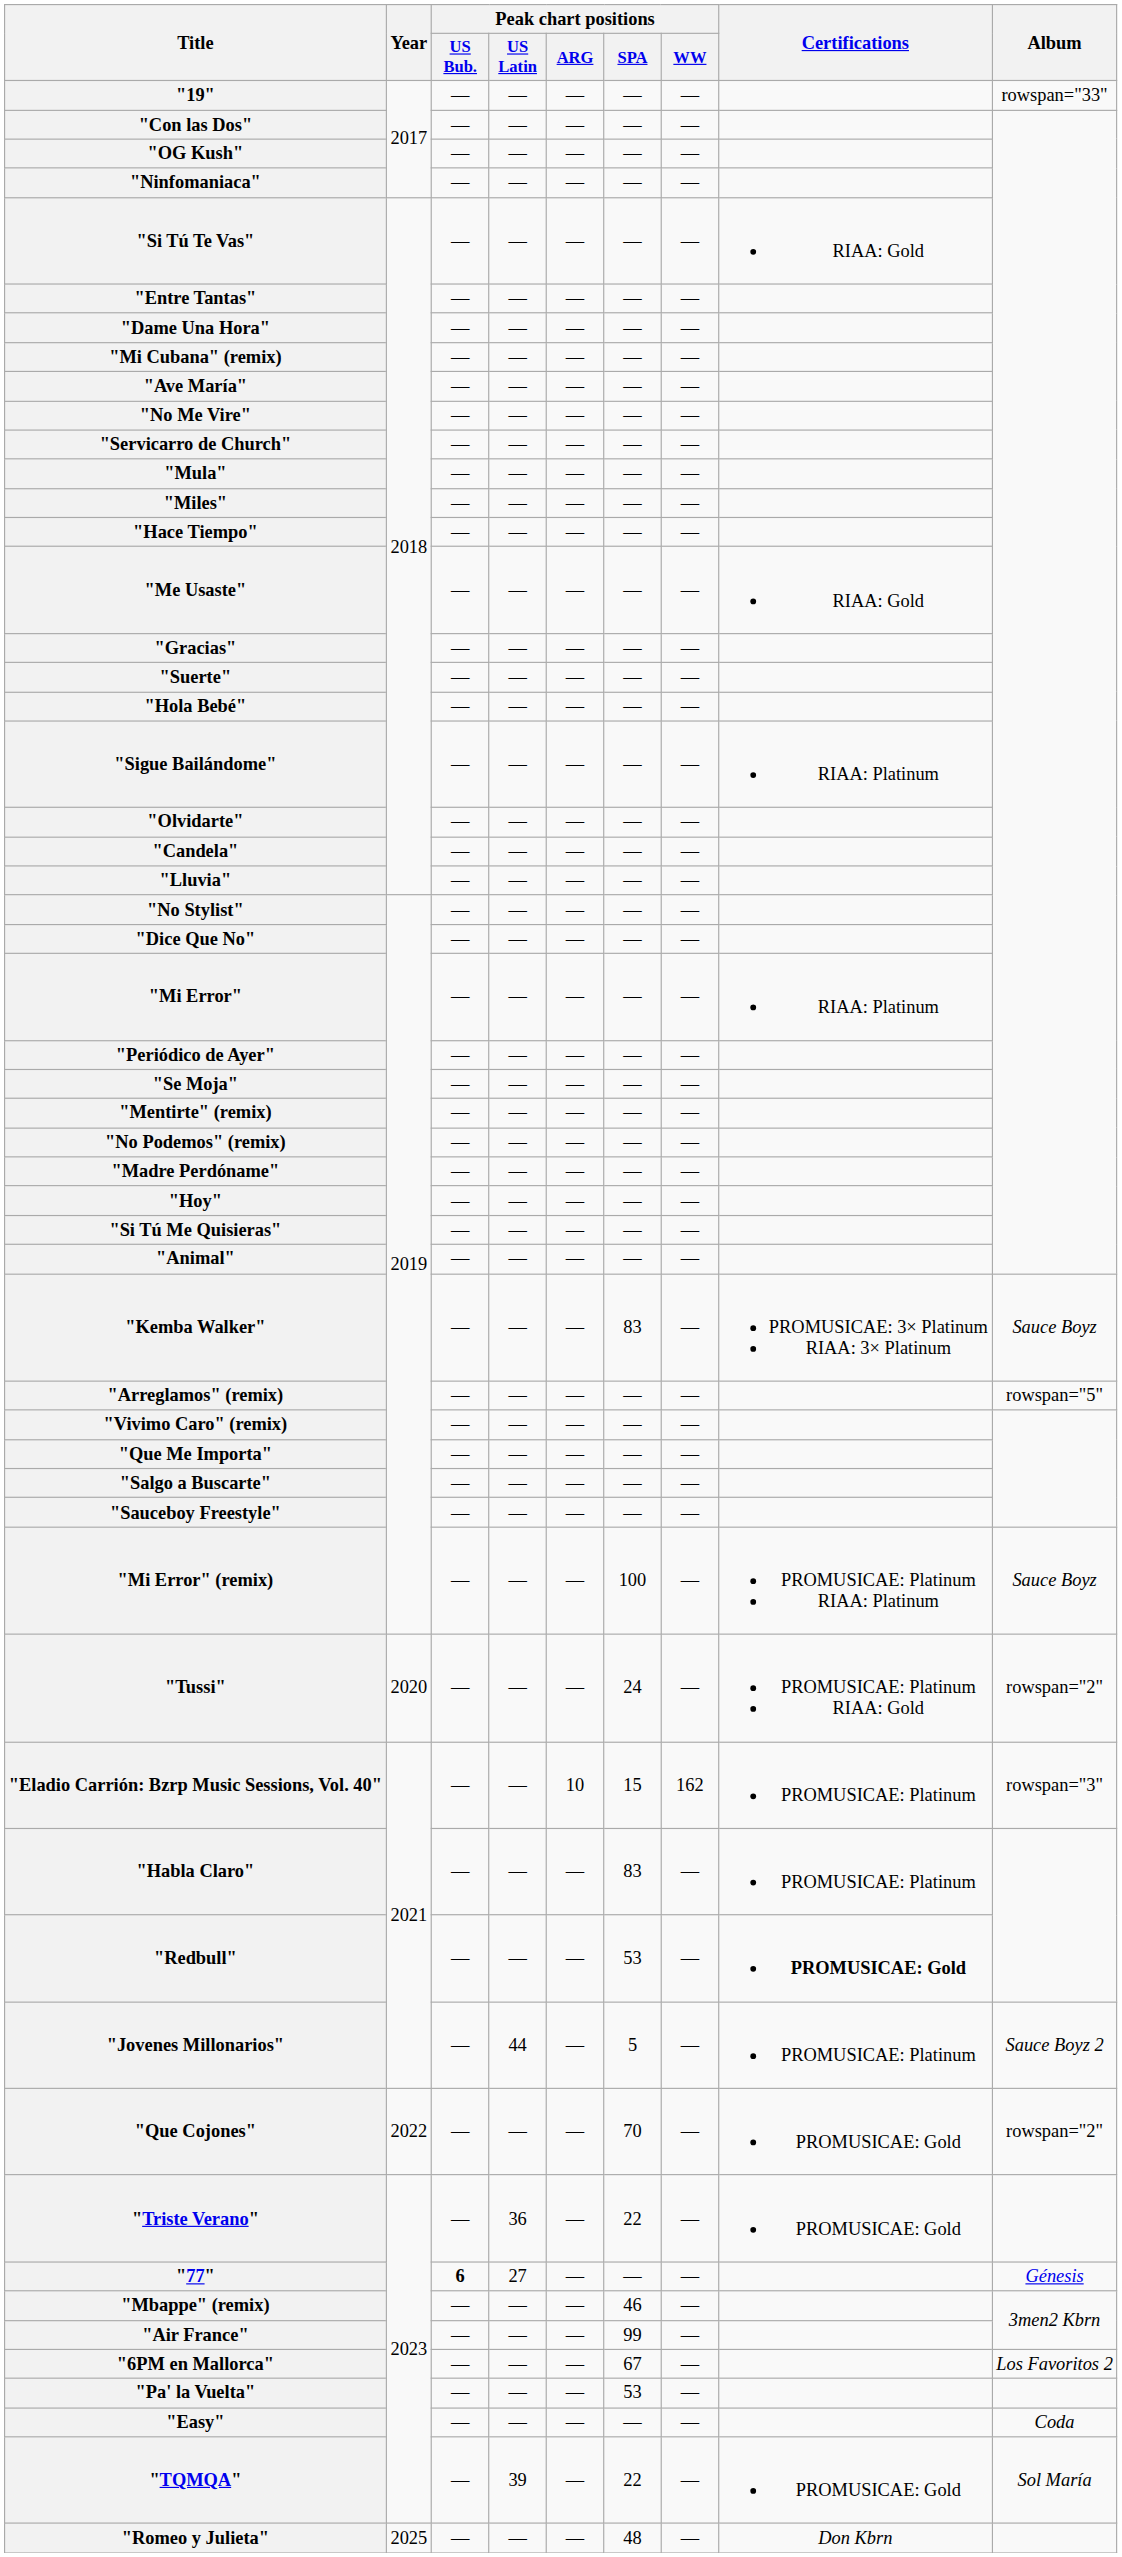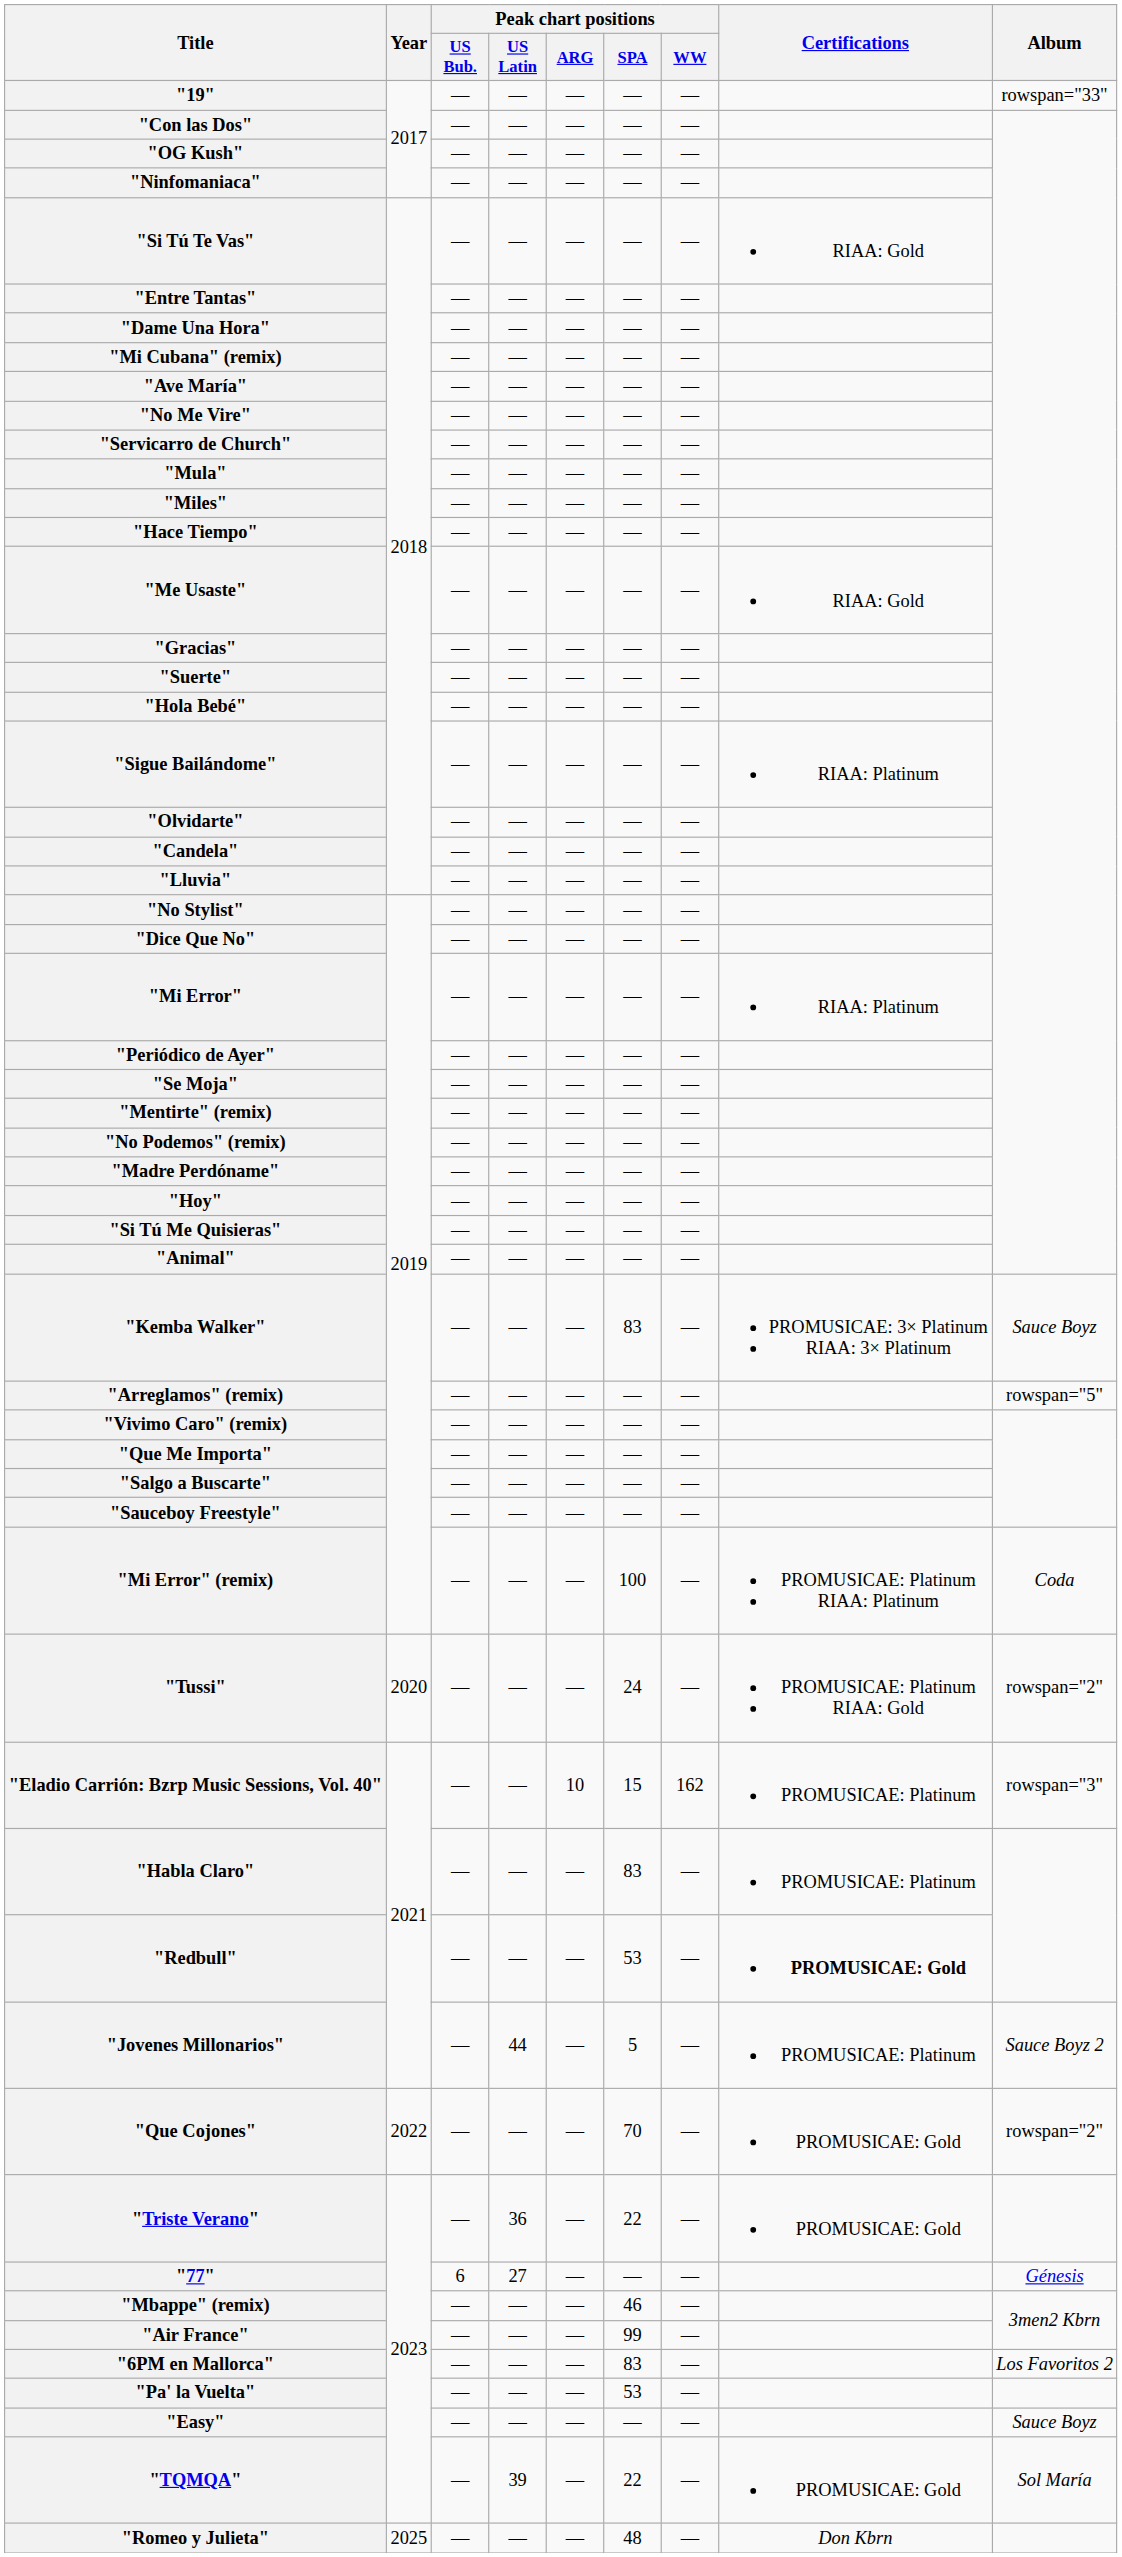 <table class="wikitable plainrowheaders" style="text-align:center;">
 <tr>
 <th scope="col" rowspan="2">Title</th>
 <th scope="col" rowspan="2">Year</th>
 <th scope="col" colspan="5">Peak chart positions</th>
 <th scope="col" rowspan="2"><a href='#'>Certifications</a></th>
 <th scope="col" rowspan="2">Album</th>
 </tr>
 <tr>
 <th scope="col" style="width:3em; font-size:90%"><a href='#'>US<br>Bub.</a><br></th>
 <th scope="col" style="width:3em; font-size:90%"><a href='#'>US<br>Latin</a><br></th>
 <th scope="col" style="width:3em; font-size:90%"><a href='#'>ARG</a><br></th>
 <th scope="col" style="width:3em; font-size:90%"><a href='#'>SPA</a><br></th>
 <th scope="col" style="width:3em; font-size:90%"><a href='#'>WW</a><br></th>
 </tr>
 <tr>
 <th scope="row">"19"<br></th>
 <td rowspan="4">2017</td>
 <td>—</td>
 <td>—</td>
 <td>—</td>
 <td>—</td>
 <td>—</td>
 <td></td>
 <td>rowspan="33" </td>
 </tr>
 <tr>
 <th scope="row">"Con las Dos"<br></th>
 <td>—</td>
 <td>—</td>
 <td>—</td>
 <td>—</td>
 <td>—</td>
 <td></td>
 </tr>
 <tr>
 <th scope="row">"OG Kush"<br></th>
 <td>—</td>
 <td>—</td>
 <td>—</td>
 <td>—</td>
 <td>—</td>
 <td></td>
 </tr>
 <tr>
 <th scope="row">"Ninfomaniaca"<br></th>
 <td>—</td>
 <td>—</td>
 <td>—</td>
 <td>—</td>
 <td>—</td>
 <td></td>
 </tr>
 <tr>
 <th scope="row">"Si Tú Te Vas"<br></th>
 <td rowspan="18">2018</td>
 <td>—</td>
 <td>—</td>
 <td>—</td>
 <td>—</td>
 <td>—</td>
 <td><br><ul><li>RIAA: Gold </li></ul></td>
 </tr>
 <tr>
 <th scope="row">"Entre Tantas"<br></th>
 <td>—</td>
 <td>—</td>
 <td>—</td>
 <td>—</td>
 <td>—</td>
 <td></td>
 </tr>
 <tr>
 <th scope="row">"Dame Una Hora"<br></th>
 <td>—</td>
 <td>—</td>
 <td>—</td>
 <td>—</td>
 <td>—</td>
 <td></td>
 </tr>
 <tr>
 <th scope="row">"Mi Cubana" (remix)<br></th>
 <td>—</td>
 <td>—</td>
 <td>—</td>
 <td>—</td>
 <td>—</td>
 <td></td>
 </tr>
 <tr>
 <th scope="row">"Ave María"<br></th>
 <td>—</td>
 <td>—</td>
 <td>—</td>
 <td>—</td>
 <td>—</td>
 <td></td>
 </tr>
 <tr>
 <th scope="row">"No Me Vire"</th>
 <td>—</td>
 <td>—</td>
 <td>—</td>
 <td>—</td>
 <td>—</td>
 <td></td>
 </tr>
 <tr>
 <th scope="row">"Servicarro de Church"<br></th>
 <td>—</td>
 <td>—</td>
 <td>—</td>
 <td>—</td>
 <td>—</td>
 <td></td>
 </tr>
 <tr>
 <th scope="row">"Mula"<br></th>
 <td>—</td>
 <td>—</td>
 <td>—</td>
 <td>—</td>
 <td>—</td>
 <td></td>
 </tr>
 <tr>
 <th scope="row">"Miles"</th>
 <td>—</td>
 <td>—</td>
 <td>—</td>
 <td>—</td>
 <td>—</td>
 <td></td>
 </tr>
 <tr>
 <th scope="row">"Hace Tiempo"<br></th>
 <td>—</td>
 <td>—</td>
 <td>—</td>
 <td>—</td>
 <td>—</td>
 <td></td>
 </tr>
 <tr>
 <th scope="row">"Me Usaste"<br></th>
 <td>—</td>
 <td>—</td>
 <td>—</td>
 <td>—</td>
 <td>—</td>
 <td><br><ul><li>RIAA: Gold </li></ul></td>
 </tr>
 <tr>
 <th scope="row">"Gracias"</th>
 <td>—</td>
 <td>—</td>
 <td>—</td>
 <td>—</td>
 <td>—</td>
 <td></td>
 </tr>
 <tr>
 <th scope="row">"Suerte"<br></th>
 <td>—</td>
 <td>—</td>
 <td>—</td>
 <td>—</td>
 <td>—</td>
 <td></td>
 </tr>
 <tr>
 <th scope="row">"Hola Bebé"<br></th>
 <td>—</td>
 <td>—</td>
 <td>—</td>
 <td>—</td>
 <td>—</td>
 <td></td>
 </tr>
 <tr>
 <th scope="row">"Sigue Bailándome"<br></th>
 <td>—</td>
 <td>—</td>
 <td>—</td>
 <td>—</td>
 <td>—</td>
 <td><br><ul><li>RIAA: Platinum </li></ul></td>
 </tr>
 <tr>
 <th scope="row">"Olvidarte"</th>
 <td>—</td>
 <td>—</td>
 <td>—</td>
 <td>—</td>
 <td>—</td>
 <td></td>
 </tr>
 <tr>
 <th scope="row">"Candela"<br></th>
 <td>—</td>
 <td>—</td>
 <td>—</td>
 <td>—</td>
 <td>—</td>
 <td></td>
 </tr>
 <tr>
 <th scope="row">"Lluvia"</th>
 <td>—</td>
 <td>—</td>
 <td>—</td>
 <td>—</td>
 <td>—</td>
 <td></td>
 </tr>
 <tr>
 <th scope="row">"No Stylist"<br></th>
 <td rowspan="18">2019</td>
 <td>—</td>
 <td>—</td>
 <td>—</td>
 <td>—</td>
 <td>—</td>
 <td></td>
 </tr>
 <tr>
 <th scope="row">"Dice Que No"<br></th>
 <td>—</td>
 <td>—</td>
 <td>—</td>
 <td>—</td>
 <td>—</td>
 <td></td>
 </tr>
 <tr>
 <th scope="row">"Mi Error"<br></th>
 <td>—</td>
 <td>—</td>
 <td>—</td>
 <td>—</td>
 <td>—</td>
 <td><br><ul><li>RIAA: Platinum </li></ul></td>
 </tr>
 <tr>
 <th scope="row">"Periódico de Ayer"<br></th>
 <td>—</td>
 <td>—</td>
 <td>—</td>
 <td>—</td>
 <td>—</td>
 <td></td>
 </tr>
 <tr>
 <th scope="row">"Se Moja"<br></th>
 <td>—</td>
 <td>—</td>
 <td>—</td>
 <td>—</td>
 <td>—</td>
 <td></td>
 </tr>
 <tr>
 <th scope="row">"Mentirte" (remix)<br></th>
 <td>—</td>
 <td>—</td>
 <td>—</td>
 <td>—</td>
 <td>—</td>
 <td></td>
 </tr>
 <tr>
 <th scope="row">"No Podemos" (remix)<br></th>
 <td>—</td>
 <td>—</td>
 <td>—</td>
 <td>—</td>
 <td>—</td>
 <td></td>
 </tr>
 <tr>
 <th scope="row">"Madre Perdóname"<br></th>
 <td>—</td>
 <td>—</td>
 <td>—</td>
 <td>—</td>
 <td>—</td>
 <td></td>
 </tr>
 <tr>
 <th scope="row">"Hoy"</th>
 <td>—</td>
 <td>—</td>
 <td>—</td>
 <td>—</td>
 <td>—</td>
 <td></td>
 </tr>
 <tr>
 <th scope="row">"Si Tú Me Quisieras"<br></th>
 <td>—</td>
 <td>—</td>
 <td>—</td>
 <td>—</td>
 <td>—</td>
 <td></td>
 </tr>
 <tr>
 <th scope="row">"Animal"<br></th>
 <td>—</td>
 <td>—</td>
 <td>—</td>
 <td>—</td>
 <td>—</td>
 <td></td>
 </tr>
 <tr>
 <th scope="row">"Kemba Walker"<br></th>
 <td>—</td>
 <td>—</td>
 <td>—</td>
 <td>83</td>
 <td>—</td>
 <td><br><ul><li>PROMUSICAE: 3× Platinum</li><li>RIAA: 3× Platinum </li></ul></td>
 <td><em>Sauce Boyz</em></td>
 </tr>
 <tr>
 <th scope="row">"Arreglamos" (remix)<br></th>
 <td>—</td>
 <td>—</td>
 <td>—</td>
 <td>—</td>
 <td>—</td>
 <td></td>
 <td>rowspan="5" </td>
 </tr>
 <tr>
 <th scope="row">"Vivimo Caro" (remix)<br></th>
 <td>—</td>
 <td>—</td>
 <td>—</td>
 <td>—</td>
 <td>—</td>
 <td></td>
 </tr>
 <tr>
 <th scope="row">"Que Me Importa"<br></th>
 <td>—</td>
 <td>—</td>
 <td>—</td>
 <td>—</td>
 <td>—</td>
 <td></td>
 </tr>
 <tr>
 <th scope="row">"Salgo a Buscarte"<br></th>
 <td>—</td>
 <td>—</td>
 <td>—</td>
 <td>—</td>
 <td>—</td>
 <td></td>
 </tr>
 <tr>
 <th scope="row">"Sauceboy Freestyle"</th>
 <td>—</td>
 <td>—</td>
 <td>—</td>
 <td>—</td>
 <td>—</td>
 <td></td>
 </tr>
 <tr>
 <th scope="row">"Mi Error" (remix)<br></th>
 <td>—</td>
 <td>—</td>
 <td>—</td>
 <td>100</td>
 <td>—</td>
 <td><br><ul><li>PROMUSICAE: Platinum</li><li>RIAA: Platinum </li></ul></td>
-<td><em>Sauce Boyz</em></td>
+<td><em>Coda</em></td>
 </tr>
 <tr>
 <th scope="row">"Tussi"<br></th>
 <td>2020</td>
 <td>—</td>
 <td>—</td>
 <td>—</td>
 <td>24</td>
 <td>—</td>
 <td><br><ul><li>PROMUSICAE: Platinum</li><li>RIAA: Gold </li></ul></td>
 <td>rowspan="2" </td>
 </tr>
 <tr>
 <th scope="row">"Eladio Carrión: Bzrp Music Sessions, Vol. 40"<br></th>
 <td rowspan="4">2021</td>
 <td>—</td>
 <td>—</td>
 <td>10</td>
 <td>15</td>
 <td>162</td>
 <td><br><ul><li>PROMUSICAE: Platinum</li></ul></td>
 <td>rowspan="3" </td>
 </tr>
 <tr>
 <th scope="row">"Habla Claro"<br></th>
 <td>—</td>
 <td>—</td>
 <td>—</td>
 <td>83</td>
 <td>—</td>
 <td><br><ul><li>PROMUSICAE: Platinum</li></ul></td>
 </tr>
 <tr>
 <th scope="row">"Redbull"<br></th>
 <td>—</td>
 <td>—</td>
 <td>—</td>
 <td>53</td>
 <td>—</td>
 <td><strong><br><ul><li>PROMUSICAE: Gold</li></ul></strong></td>
 </tr>
 <tr>
 <th scope="row">"Jovenes Millonarios"<br></th>
 <td>—</td>
 <td>44</td>
 <td>—</td>
 <td>5</td>
 <td>—</td>
 <td><br><ul><li>PROMUSICAE: Platinum</li></ul></td>
 <td><em>Sauce Boyz 2</em></td>
 </tr>
 <tr>
 <th scope="row">"Que Cojones"</th>
 <td>2022</td>
 <td>—</td>
 <td>—</td>
 <td>—</td>
 <td>70</td>
 <td>—</td>
 <td><br><ul><li>PROMUSICAE: Gold</li></ul></td>
 <td>rowspan="2" </td>
 </tr>
 <tr>
 <th scope="row">"<a href='#'>Triste Verano</a>"<br></th>
 <td rowspan="8">2023</td>
 <td>—</td>
 <td>36</td>
 <td>—</td>
 <td>22</td>
 <td>—</td>
 <td><br><ul><li>PROMUSICAE: Gold</li></ul></td>
 </tr>
 <tr>
 <th scope="row">"<a href='#'>77</a>"<br></th>
-<td><strong>6</strong></td>
+<td>6</td>
 <td>27</td>
 <td>—</td>
 <td>—</td>
 <td>—</td>
 <td></td>
 <td><em><a href='#'>Génesis</a></em></td>
 </tr>
 <tr>
 <th scope="row">"Mbappe" (remix)<br></th>
 <td>—</td>
 <td>—</td>
 <td>—</td>
 <td>46</td>
 <td>—</td>
 <td></td>
 <td rowspan="2"><em>3men2 Kbrn</em></td>
 </tr>
 <tr>
 <th scope="row">"Air France"</th>
 <td>—</td>
 <td>—</td>
 <td>—</td>
 <td>99</td>
 <td>—</td>
 <td></td>
 </tr>
 <tr>
 <th scope="row">"6PM en Mallorca"</th>
 <td>—</td>
 <td>—</td>
 <td>—</td>
-<td>67</td>
+<td>83</td>
 <td>—</td>
 <td></td>
 <td><em>Los Favoritos 2</em></td>
 </tr>
 <tr>
 <th scope="row">"Pa' la Vuelta"<br></th>
 <td>—</td>
 <td>—</td>
 <td>—</td>
 <td>53</td>
 <td>—</td>
 <td></td>
 </tr>
 <tr>
 <th scope="row">"Easy"<br></th>
 <td>—</td>
 <td>—</td>
 <td>—</td>
 <td>—</td>
 <td>—</td>
 <td></td>
-<td><em>Coda</em></td>
+<td><em>Sauce Boyz</em></td>
 </tr>
 <tr>
 <th scope="row">"<a href='#'>TQMQA</a>"</th>
 <td>—</td>
 <td>39</td>
 <td>—</td>
 <td>22</td>
 <td>—</td>
 <td><br><ul><li>PROMUSICAE: Gold</li></ul></td>
 <td><em>Sol María</em></td>
 </tr>
 <tr>
 <th scope="row">"Romeo y Julieta"<br></th>
 <td>2025</td>
 <td>—</td>
 <td>—</td>
 <td>—</td>
 <td>48</td>
 <td>—</td>
 <td><em>Don Kbrn</em></td>
 </tr>
 </table>
